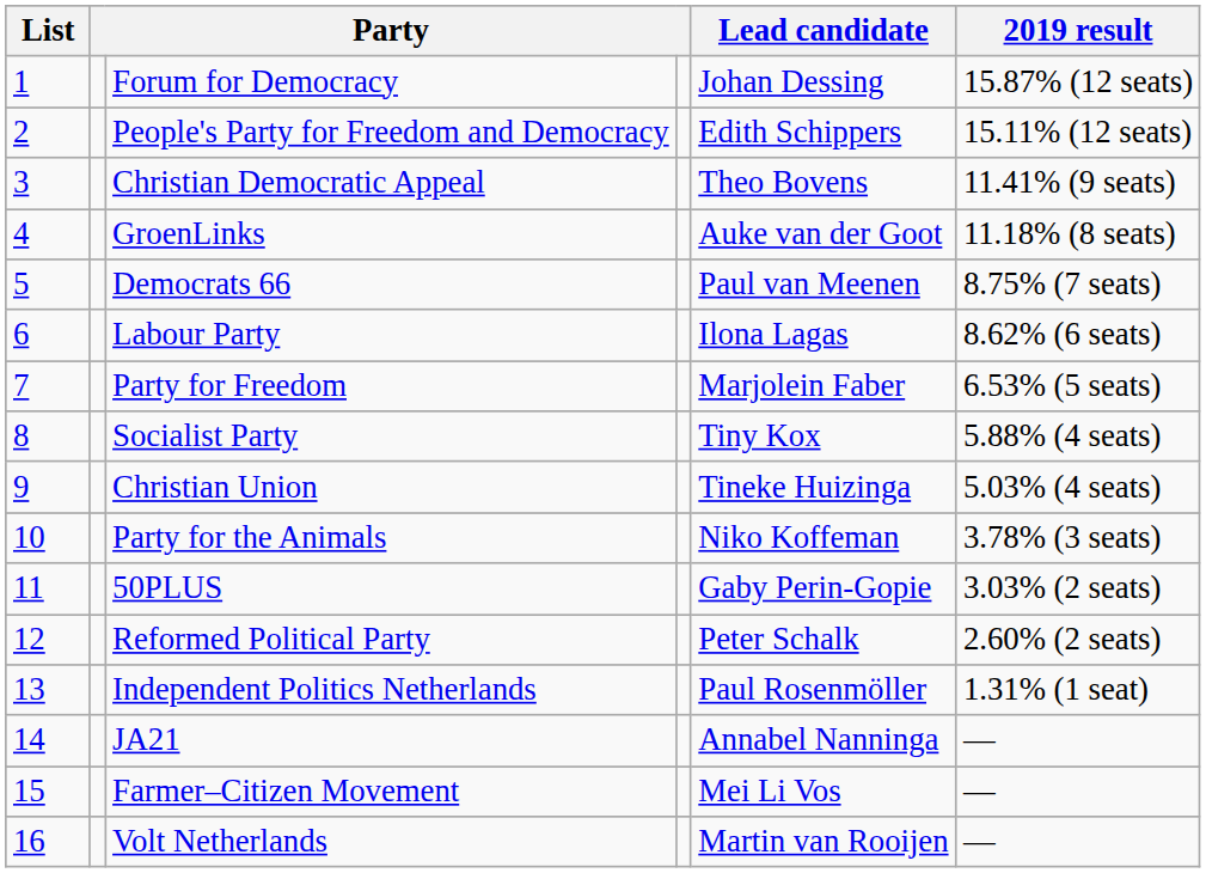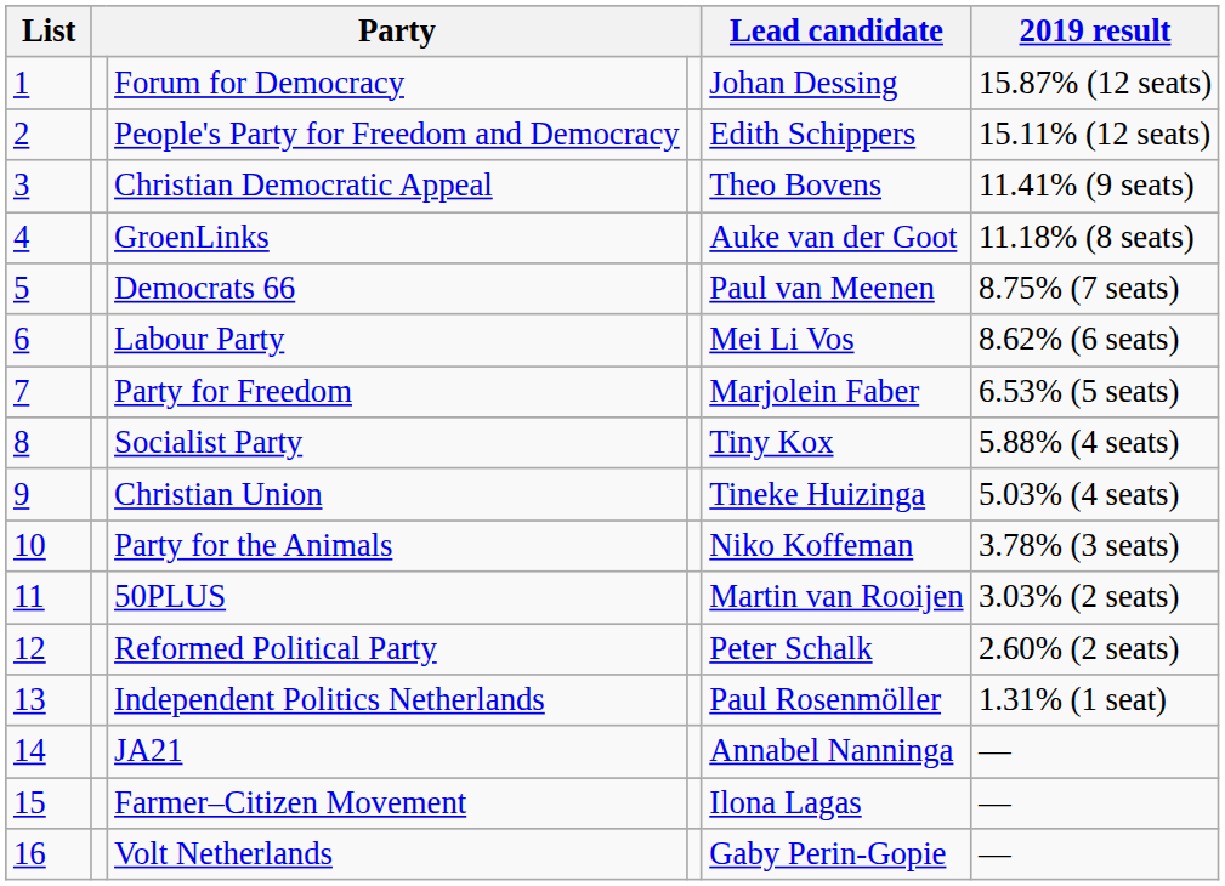 <table class="wikitable unsortable">
 <tr>
 <th width="35px">List</th>
 <th colspan="3">Party</th>
 <th><a href='#'>Lead candidate</a></th>
 <th><a href='#'>2019 result</a></th>
 </tr>
 <tr>
 <td><a href='#'>1</a></td>
 <td style="color:inherit;background:"></td>
 <td><a href='#'>Forum for Democracy</a></td>
 <td style="text-align:center;"></td>
 <td><a href='#'>Johan Dessing</a></td>
 <td>15.87% (12 seats)</td>
 </tr>
 <tr>
 <td><a href='#'>2</a></td>
 <td style="color:inherit;background:"></td>
 <td><a href='#'>People's Party for Freedom and Democracy</a></td>
 <td style="text-align:center;"></td>
 <td><a href='#'>Edith Schippers</a></td>
 <td>15.11% (12 seats)</td>
 </tr>
 <tr>
 <td><a href='#'>3</a></td>
 <td style="color:inherit;background:"></td>
 <td><a href='#'>Christian Democratic Appeal</a></td>
 <td style="text-align:center;"></td>
 <td><a href='#'>Theo Bovens</a></td>
 <td>11.41% (9 seats)</td>
 </tr>
 <tr>
 <td><a href='#'>4</a></td>
 <td style="color:inherit;background:"></td>
 <td><a href='#'>GroenLinks</a></td>
 <td style="text-align:center;"></td>
 <td><a href='#'>Auke van der Goot</a></td>
 <td>11.18% (8 seats)</td>
 </tr>
 <tr>
 <td><a href='#'>5</a></td>
 <td style="color:inherit;background:"></td>
 <td><a href='#'>Democrats 66</a></td>
 <td style="text-align:center;"></td>
 <td><a href='#'>Paul van Meenen</a></td>
 <td>8.75% (7 seats)</td>
 </tr>
 <tr>
 <td><a href='#'>6</a></td>
 <td style="color:inherit;background:"></td>
 <td><a href='#'>Labour Party</a></td>
 <td style="text-align:center;"></td>
-<td><a href='#'>Ilona Lagas</a></td>
+<td><a href='#'>Mei Li Vos</a></td>
 <td>8.62% (6 seats)</td>
 </tr>
 <tr>
 <td><a href='#'>7</a></td>
 <td style="color:inherit;background:"></td>
 <td><a href='#'>Party for Freedom</a></td>
 <td style="text-align:center;"></td>
 <td><a href='#'>Marjolein Faber</a></td>
 <td>6.53% (5 seats)</td>
 </tr>
 <tr>
 <td><a href='#'>8</a></td>
 <td style="color:inherit;background:"></td>
 <td><a href='#'>Socialist Party</a></td>
 <td style="text-align:center;"></td>
 <td><a href='#'>Tiny Kox</a></td>
 <td>5.88% (4 seats)</td>
 </tr>
 <tr>
 <td><a href='#'>9</a></td>
 <td style="color:inherit;background:"></td>
 <td><a href='#'>Christian Union</a></td>
 <td style="text-align:center;"></td>
 <td><a href='#'>Tineke Huizinga</a></td>
 <td>5.03% (4 seats)</td>
 </tr>
 <tr>
 <td><a href='#'>10</a></td>
 <td style="color:inherit;background:"></td>
 <td><a href='#'>Party for the Animals</a></td>
 <td style="text-align:center;"></td>
 <td><a href='#'>Niko Koffeman</a></td>
 <td>3.78% (3 seats)</td>
 </tr>
 <tr>
 <td><a href='#'>11</a></td>
 <td style="color:inherit;background:"></td>
 <td><a href='#'>50PLUS</a></td>
 <td style="text-align:center;"></td>
-<td><a href='#'>Gaby Perin-Gopie</a></td>
+<td><a href='#'>Martin van Rooijen</a></td>
 <td>3.03% (2 seats)</td>
 </tr>
 <tr>
 <td><a href='#'>12</a></td>
 <td style="color:inherit;background:"></td>
 <td><a href='#'>Reformed Political Party</a></td>
 <td style="text-align:center;"></td>
 <td><a href='#'>Peter Schalk</a></td>
 <td>2.60% (2 seats)</td>
 </tr>
 <tr>
 <td><a href='#'>13</a></td>
 <td style="color:inherit;background:"></td>
 <td><a href='#'>Independent Politics Netherlands</a></td>
 <td style="text-align:center;"></td>
 <td><a href='#'>Paul Rosenmöller</a></td>
 <td>1.31% (1 seat)</td>
 </tr>
 <tr>
 <td><a href='#'>14</a></td>
 <td style="color:inherit;background:"></td>
 <td><a href='#'>JA21</a></td>
 <td style="text-align:center;"></td>
 <td><a href='#'>Annabel Nanninga</a></td>
 <td>—</td>
 </tr>
 <tr>
 <td><a href='#'>15</a></td>
 <td style="color:inherit;background:"></td>
 <td><a href='#'>Farmer–Citizen Movement</a></td>
 <td style="text-align:center;"></td>
-<td><a href='#'>Mei Li Vos</a></td>
+<td><a href='#'>Ilona Lagas</a></td>
 <td>—</td>
 </tr>
 <tr>
 <td><a href='#'>16</a></td>
 <td style="color:inherit;background:"></td>
 <td><a href='#'>Volt Netherlands</a></td>
 <td style="text-align:center;"></td>
-<td><a href='#'>Martin van Rooijen</a></td>
+<td><a href='#'>Gaby Perin-Gopie</a></td>
 <td>—</td>
 </tr>
 </table>
